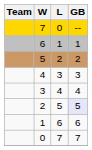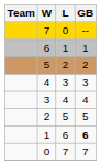 <table class="wikitable" style="text-align:center;">
 <tr>
 <th>Team</th>
 <th width=20px>W</th>
 <th width=20px>L</th>
 <th>GB</th>
 </tr>
 <tr bgcolor=gold>
 <td align="left"></td>
 <td>7</td>
 <td>0</td>
 <td>--</td>
 </tr>
 <tr bgcolor=silver>
 <td align="left"></td>
 <td>6</td>
 <td>1</td>
 <td>1</td>
 </tr>
 <tr bgcolor=CC9966>
 <td align="left"></td>
 <td>5</td>
 <td>2</td>
 <td>2</td>
 </tr>
 <tr>
 <td align="left"></td>
 <td>4</td>
 <td>3</td>
 <td>3</td>
 </tr>
 <tr>
 <td align="left"><strong></strong></td>
 <td>3</td>
 <td>4</td>
 <td>4</td>
 </tr>
 <tr>
 <td align="left"></td>
 <td>2</td>
 <td>5</td>
-<td style="background: lavender;">5</td>
+<td>5</td>
 </tr>
 <tr>
 <td align="left"></td>
 <td>1</td>
 <td>6</td>
-<td>6</td>
+<td><strong>6</strong></td>
 </tr>
 <tr>
 <td align="left"></td>
 <td>0</td>
 <td>7</td>
 <td>7</td>
 </tr>
 <tr align="center">
 </tr>
 </table>
